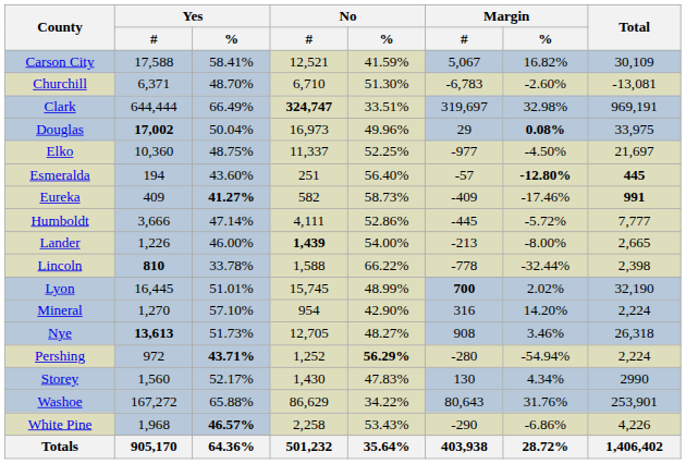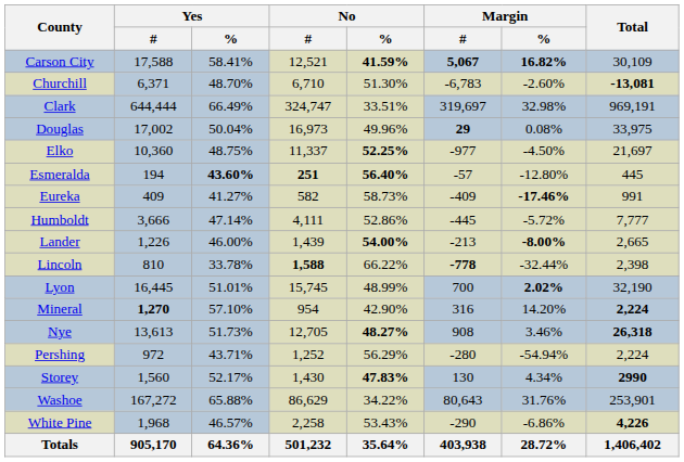 <table class="wikitable sortable" width="60%" style="text-align:center">
 <tr>
 <th rowspan="2" style="text-align:center;">County</th>
 <th colspan="2" style="text-align:center;">Yes</th>
 <th colspan="2" style="text-align:center;">No</th>
 <th colspan="2" style="text-align:center;">Margin</th>
 <th rowspan="2" style="text-align:center;">Total</th>
 </tr>
 <tr>
 <th data-sort-type="number" style="text-align:center;">#</th>
 <th data-sort-type="number" style="text-align:center;">%</th>
 <th data-sort-type="number" style="text-align:center;">#</th>
 <th data-sort-type="number" style="text-align:center;">%</th>
 <th data-sort-type="number" style="text-align:center;">#</th>
 <th data-sort-type="number" style="text-align:center;">%</th>
 </tr>
 <tr style="text-align:center;">
 <td style="background: #B6C8D9;"><a href='#'>Carson City</a></td>
 <td style="background: #B6C8D9;">17,588</td>
 <td style="background: #B6C8D9;">58.41%</td>
 <td style="background: #DEDEBD;">12,521</td>
-<td style="background: #DEDEBD;">41.59%</td>
-<td style="background: #B6C8D9;">5,067</td>
-<td style="background: #B6C8D9;">16.82%</td>
+<td style="background: #DEDEBD;"><strong>41.59%</strong></td>
+<td style="background: #B6C8D9;"><strong>5,067</strong></td>
+<td style="background: #B6C8D9;"><strong>16.82%</strong></td>
 <td style="background: #B6C8D9;">30,109</td>
 </tr>
 <tr style="text-align:center;">
 <td style="background: #DEDEBD;"><a href='#'>Churchill</a></td>
 <td style="background: #B6C8D9;">6,371</td>
 <td style="background: #B6C8D9;">48.70%</td>
 <td style="background: #DEDEBD;">6,710</td>
 <td style="background: #DEDEBD;">51.30%</td>
 <td style="background: #DEDEBD;">-6,783</td>
 <td style="background: #DEDEBD;">-2.60%</td>
-<td style="background: #DEDEBD;">-13,081</td>
+<td style="background: #DEDEBD;"><strong>-13,081</strong></td>
 </tr>
 <tr style="text-align:center;">
 <td style="background: #B6C8D9;"><a href='#'>Clark</a></td>
 <td style="background: #B6C8D9;">644,444</td>
 <td style="background: #B6C8D9;">66.49%</td>
-<td style="background: #DEDEBD;"><strong>324,747</strong></td>
+<td style="background: #DEDEBD;">324,747</td>
 <td style="background: #DEDEBD;">33.51%</td>
 <td style="background: #B6C8D9;">319,697</td>
 <td style="background: #B6C8D9;">32.98%</td>
 <td style="background: #B6C8D9;">969,191</td>
 </tr>
 <tr style="text-align:center;">
 <td style="background: #B6C8D9;"><a href='#'>Douglas</a></td>
-<td style="background: #B6C8D9;"><strong>17,002</strong></td>
+<td style="background: #B6C8D9;">17,002</td>
 <td style="background: #B6C8D9;">50.04%</td>
 <td style="background: #DEDEBD;">16,973</td>
 <td style="background: #DEDEBD;">49.96%</td>
-<td style="background: #B6C8D9;">29</td>
-<td style="background: #B6C8D9;"><strong>0.08%</strong></td>
+<td style="background: #B6C8D9;"><strong>29</strong></td>
+<td style="background: #B6C8D9;">0.08%</td>
 <td style="background: #B6C8D9;">33,975</td>
 </tr>
 <tr style="text-align:center;">
 <td style="background: #DEDEBD;"><a href='#'>Elko</a></td>
 <td style="background: #B6C8D9;">10,360</td>
 <td style="background: #B6C8D9;">48.75%</td>
 <td style="background: #DEDEBD;">11,337</td>
-<td style="background: #DEDEBD;">52.25%</td>
+<td style="background: #DEDEBD;"><strong>52.25%</strong></td>
 <td style="background: #DEDEBD;">-977</td>
 <td style="background: #DEDEBD;">-4.50%</td>
 <td style="background: #DEDEBD;">21,697</td>
 </tr>
 <tr style="text-align:center;">
 <td style="background: #DEDEBD;"><a href='#'>Esmeralda</a></td>
 <td style="background: #B6C8D9;">194</td>
-<td style="background: #B6C8D9;">43.60%</td>
-<td style="background: #DEDEBD;">251</td>
-<td style="background: #DEDEBD;">56.40%</td>
+<td style="background: #B6C8D9;"><strong>43.60%</strong></td>
+<td style="background: #DEDEBD;"><strong>251</strong></td>
+<td style="background: #DEDEBD;"><strong>56.40%</strong></td>
 <td style="background: #DEDEBD;">-57</td>
-<td style="background: #DEDEBD;"><strong>-12.80%</strong></td>
-<td style="background: #DEDEBD;"><strong>445</strong></td>
+<td style="background: #DEDEBD;">-12.80%</td>
+<td style="background: #DEDEBD;">445</td>
 </tr>
 <tr style="text-align:center;">
 <td style="background: #DEDEBD;"><a href='#'>Eureka</a></td>
 <td style="background: #B6C8D9;">409</td>
-<td style="background: #B6C8D9;"><strong>41.27%</strong></td>
+<td style="background: #B6C8D9;">41.27%</td>
 <td style="background: #DEDEBD;">582</td>
 <td style="background: #DEDEBD;">58.73%</td>
 <td style="background: #DEDEBD;">-409</td>
-<td style="background: #DEDEBD;">-17.46%</td>
-<td style="background: #DEDEBD;"><strong>991</strong></td>
+<td style="background: #DEDEBD;"><strong>-17.46%</strong></td>
+<td style="background: #DEDEBD;">991</td>
 </tr>
 <tr style="text-align:center;">
 <td style="background: #DEDEBD;"><a href='#'>Humboldt</a></td>
 <td style="background: #B6C8D9;">3,666</td>
 <td style="background: #B6C8D9;">47.14%</td>
 <td style="background: #DEDEBD;">4,111</td>
 <td style="background: #DEDEBD;">52.86%</td>
 <td style="background: #DEDEBD;">-445</td>
 <td style="background: #DEDEBD;">-5.72%</td>
 <td style="background: #DEDEBD;">7,777</td>
 </tr>
 <tr style="text-align:center;">
 <td style="background: #DEDEBD;"><a href='#'>Lander</a></td>
 <td style="background: #B6C8D9;">1,226</td>
 <td style="background: #B6C8D9;">46.00%</td>
-<td style="background: #DEDEBD;"><strong>1,439</strong></td>
-<td style="background: #DEDEBD;">54.00%</td>
+<td style="background: #DEDEBD;">1,439</td>
+<td style="background: #DEDEBD;"><strong>54.00%</strong></td>
 <td style="background: #DEDEBD;">-213</td>
-<td style="background: #DEDEBD;">-8.00%</td>
+<td style="background: #DEDEBD;"><strong>-8.00%</strong></td>
 <td style="background: #DEDEBD;">2,665</td>
 </tr>
 <tr style="text-align:center;">
 <td style="background: #DEDEBD;"><a href='#'>Lincoln</a></td>
-<td style="background: #B6C8D9;"><strong>810</strong></td>
+<td style="background: #B6C8D9;">810</td>
 <td style="background: #B6C8D9;">33.78%</td>
-<td style="background: #DEDEBD;">1,588</td>
+<td style="background: #DEDEBD;"><strong>1,588</strong></td>
 <td style="background: #DEDEBD;">66.22%</td>
-<td style="background: #DEDEBD;">-778</td>
+<td style="background: #DEDEBD;"><strong>-778</strong></td>
 <td style="background: #DEDEBD;">-32.44%</td>
 <td style="background: #DEDEBD;">2,398</td>
 </tr>
 <tr style="text-align:center;">
 <td style="background: #B6C8D9;"><a href='#'>Lyon</a></td>
 <td style="background: #B6C8D9;">16,445</td>
 <td style="background: #B6C8D9;">51.01%</td>
 <td style="background: #DEDEBD;">15,745</td>
 <td style="background: #DEDEBD;">48.99%</td>
-<td style="background: #B6C8D9;"><strong>700</strong></td>
-<td style="background: #B6C8D9;">2.02%</td>
+<td style="background: #B6C8D9;">700</td>
+<td style="background: #B6C8D9;"><strong>2.02%</strong></td>
 <td style="background: #B6C8D9;">32,190</td>
 </tr>
 <tr style="text-align:center;">
 <td style="background: #B6C8D9;"><a href='#'>Mineral</a></td>
-<td style="background: #B6C8D9;">1,270</td>
+<td style="background: #B6C8D9;"><strong>1,270</strong></td>
 <td style="background: #B6C8D9;">57.10%</td>
 <td style="background: #DEDEBD;">954</td>
 <td style="background: #DEDEBD;">42.90%</td>
 <td style="background: #B6C8D9;">316</td>
 <td style="background: #B6C8D9;">14.20%</td>
-<td style="background: #B6C8D9;">2,224</td>
+<td style="background: #B6C8D9;"><strong>2,224</strong></td>
 </tr>
 <tr style="text-align:center;">
 <td style="background: #B6C8D9;"><a href='#'>Nye</a></td>
-<td style="background: #B6C8D9;"><strong>13,613</strong></td>
+<td style="background: #B6C8D9;">13,613</td>
 <td style="background: #B6C8D9;">51.73%</td>
 <td style="background: #DEDEBD;">12,705</td>
-<td style="background: #DEDEBD;">48.27%</td>
+<td style="background: #DEDEBD;"><strong>48.27%</strong></td>
 <td style="background: #B6C8D9;">908</td>
 <td style="background: #B6C8D9;">3.46%</td>
-<td style="background: #B6C8D9;">26,318</td>
+<td style="background: #B6C8D9;"><strong>26,318</strong></td>
 </tr>
 <tr style="text-align:center;">
 <td style="background: #DEDEBD;"><a href='#'>Pershing</a></td>
 <td style="background: #B6C8D9;">972</td>
-<td style="background: #B6C8D9;"><strong>43.71%</strong></td>
+<td style="background: #B6C8D9;">43.71%</td>
 <td style="background: #DEDEBD;">1,252</td>
-<td style="background: #DEDEBD;"><strong>56.29%</strong></td>
+<td style="background: #DEDEBD;">56.29%</td>
 <td style="background: #DEDEBD;">-280</td>
 <td style="background: #DEDEBD;">-54.94%</td>
 <td style="background: #DEDEBD;">2,224</td>
 </tr>
 <tr style="text-align:center;">
 <td style="background: #B6C8D9;"><a href='#'>Storey</a></td>
 <td style="background: #B6C8D9;">1,560</td>
 <td style="background: #B6C8D9;">52.17%</td>
 <td style="background: #DEDEBD;">1,430</td>
-<td style="background: #DEDEBD;">47.83%</td>
+<td style="background: #DEDEBD;"><strong>47.83%</strong></td>
 <td style="background: #B6C8D9;">130</td>
 <td style="background: #B6C8D9;">4.34%</td>
-<td style="background: #B6C8D9;">2990</td>
+<td style="background: #B6C8D9;"><strong>2990</strong></td>
 </tr>
 <tr style="text-align:center;">
 <td style="background: #B6C8D9;"><a href='#'>Washoe</a></td>
 <td style="background: #B6C8D9;">167,272</td>
 <td style="background: #B6C8D9;">65.88%</td>
 <td style="background: #DEDEBD;">86,629</td>
 <td style="background: #DEDEBD;">34.22%</td>
 <td style="background: #B6C8D9;">80,643</td>
 <td style="background: #B6C8D9;">31.76%</td>
 <td style="background: #B6C8D9;">253,901</td>
 </tr>
 <tr style="text-align:center;">
 <td style="background: #DEDEBD;"><a href='#'>White Pine</a></td>
 <td style="background: #B6C8D9;">1,968</td>
-<td style="background: #B6C8D9;"><strong>46.57%</strong></td>
+<td style="background: #B6C8D9;">46.57%</td>
 <td style="background: #DEDEBD;">2,258</td>
 <td style="background: #DEDEBD;">53.43%</td>
 <td style="background: #DEDEBD;">-290</td>
 <td style="background: #DEDEBD;">-6.86%</td>
-<td style="background: #DEDEBD;">4,226</td>
+<td style="background: #DEDEBD;"><strong>4,226</strong></td>
 </tr>
 <tr>
 <th>Totals</th>
 <th>905,170</th>
 <th>64.36%</th>
 <th>501,232</th>
 <th>35.64%</th>
 <th>403,938</th>
 <th>28.72%</th>
 <th>1,406,402</th>
 </tr>
 </table>
